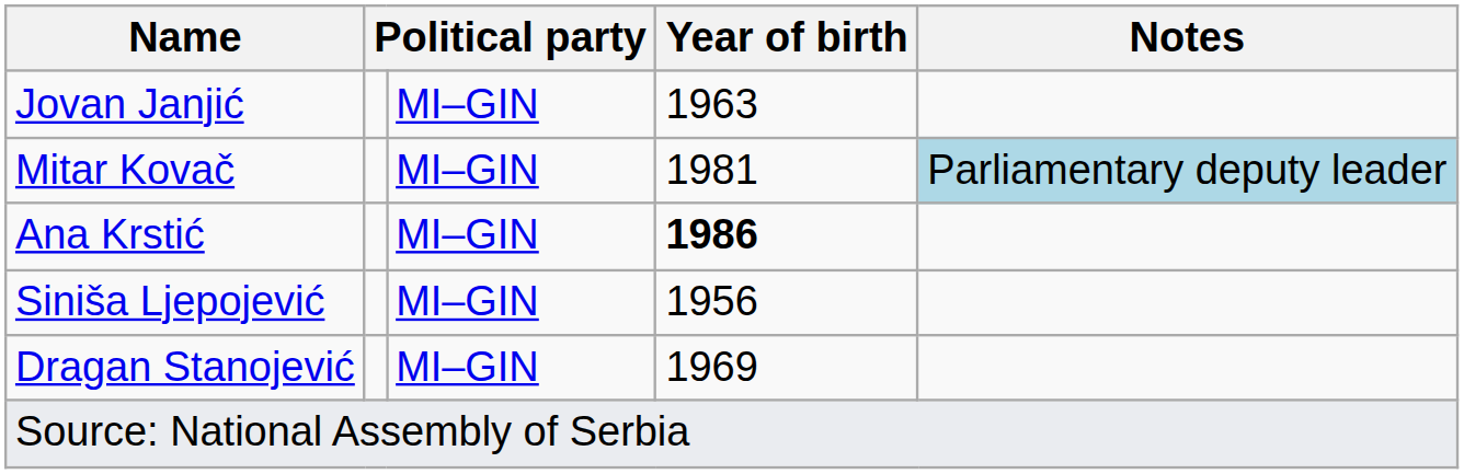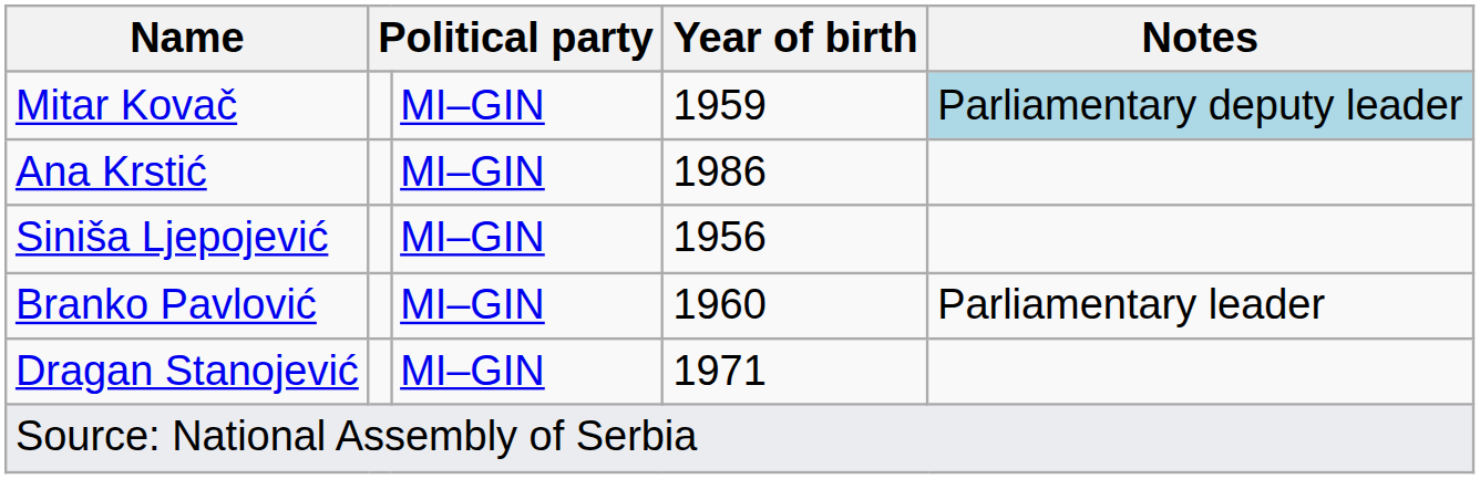 <table class="wikitable sortable" style="text-align:left">
 <tr>
 <th>Name</th>
 <th colspan="2">Political party</th>
 <th>Year of birth</th>
 <th>Notes</th>
 </tr>
 <tr>
-<td><a href='#'>Jovan Janjić</a></td>
-<td width="1" style="color:inherit;background: "></td>
-<td><a href='#'>MI–GIN</a></td>
-<td>1963</td>
-<td></td>
-</tr>
-<tr>
 <td><a href='#'>Mitar Kovač</a></td>
 <td width="1" style="color:inherit;background: "></td>
 <td><a href='#'>MI–GIN</a></td>
-<td>1981</td>
+<td>1959</td>
 <td style="background: lightblue;">Parliamentary deputy leader</td>
 </tr>
 <tr>
 <td><a href='#'>Ana Krstić</a></td>
 <td width="1" style="color:inherit;background: "></td>
 <td><a href='#'>MI–GIN</a></td>
-<td><strong>1986</strong></td>
+<td>1986</td>
 <td></td>
 </tr>
 <tr>
 <td><a href='#'>Siniša Ljepojević</a></td>
 <td width="1" style="color:inherit;background: "></td>
 <td><a href='#'>MI–GIN</a></td>
 <td>1956</td>
 <td></td>
 </tr>
 <tr>
+<td><a href='#'>Branko Pavlović</a></td>
+<td width="1" style="color:inherit;background: "></td>
+<td><a href='#'>MI–GIN</a></td>
+<td>1960</td>
+<td>Parliamentary leader</td>
+</tr>
+<tr>
 <td><a href='#'>Dragan Stanojević</a></td>
 <td width="1" style="color:inherit;background: "></td>
 <td><a href='#'>MI–GIN</a></td>
-<td>1969</td>
+<td>1971</td>
 <td></td>
 </tr>
 <tr>
 <td style="background-color:#EAECF0" colspan="5">Source: National Assembly of Serbia</td>
 </tr>
 </table>
